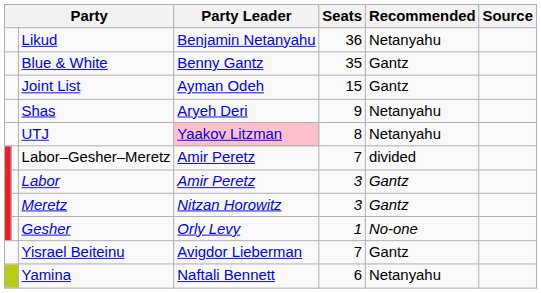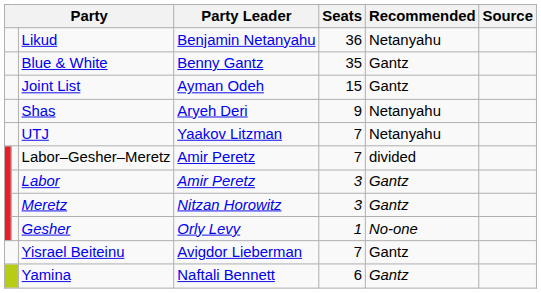 <table class="wikitable sortable">
 <tr>
 <th colspan="3" class="unsortable">Party</th>
 <th class="unsortable">Party Leader</th>
 <th class="unsortable">Seats</th>
 <th>Recommended</th>
 <th>Source</th>
 </tr>
 <tr>
 <td colspan=2 style="color:inherit;background:"></td>
 <td><a href='#'>Likud</a></td>
 <td><a href='#'>Benjamin Netanyahu</a></td>
 <td align=right>36</td>
 <td>Netanyahu</td>
 <td></td>
 </tr>
 <tr>
 <td colspan=2 style="color:inherit;background:"></td>
 <td><a href='#'>Blue & White</a></td>
 <td><a href='#'>Benny Gantz</a></td>
 <td align=right>35</td>
 <td>Gantz</td>
 <td></td>
 </tr>
 <tr>
 <td colspan=2 style="color:inherit;background:"></td>
 <td><a href='#'>Joint List</a></td>
 <td><a href='#'>Ayman Odeh</a></td>
 <td align=right>15</td>
 <td>Gantz</td>
 <td></td>
 </tr>
 <tr>
 <td colspan=2 style="color:inherit;background:"></td>
 <td><a href='#'>Shas</a></td>
 <td><a href='#'>Aryeh Deri</a></td>
 <td align=right>9</td>
 <td>Netanyahu</td>
 <td></td>
 </tr>
 <tr>
 <td colspan=2 style="color:inherit;background:"></td>
 <td><a href='#'>UTJ</a></td>
-<td style="background: pink;"><a href='#'>Yaakov Litzman</a></td>
-<td align=right>8</td>
+<td><a href='#'>Yaakov Litzman</a></td>
+<td align=right>7</td>
 <td>Netanyahu</td>
 <td></td>
 </tr>
 <tr>
 <td rowspan="4" style="background:#EE1C25;"></td>
 <td></td>
 <td>Labor–Gesher–Meretz</td>
 <td><a href='#'>Amir Peretz</a></td>
 <td align=right>7</td>
 <td>divided</td>
 <td></td>
 </tr>
 <tr>
 <td style="color:inherit;background:"></td>
 <td><em><a href='#'>Labor</a></em></td>
 <td><em><a href='#'>Amir Peretz</a></em></td>
 <td align=right><em>3</em></td>
 <td><em>Gantz</em></td>
 <td></td>
 </tr>
 <tr>
 <td style="color:inherit;background:"></td>
 <td><em><a href='#'>Meretz</a></em></td>
 <td><em><a href='#'>Nitzan Horowitz</a></em></td>
 <td align=right><em>3</em></td>
 <td><em>Gantz</em></td>
 <td></td>
 </tr>
 <tr>
 <td style="color:inherit;background:"></td>
 <td><em><a href='#'>Gesher</a></em></td>
 <td><em><a href='#'>Orly Levy</a></em></td>
 <td align=right><em>1</em></td>
 <td><em>No-one</em></td>
 <td></td>
 </tr>
 <tr>
 <td colspan=2 style="color:inherit;background:"></td>
 <td><a href='#'>Yisrael Beiteinu</a></td>
 <td><a href='#'>Avigdor Lieberman</a></td>
 <td align=right>7</td>
 <td>Gantz</td>
 <td></td>
 </tr>
 <tr>
 <td colspan=2 style="background:#B7CC15;"></td>
 <td><a href='#'>Yamina</a></td>
 <td><a href='#'>Naftali Bennett</a></td>
 <td align=right>6</td>
-<td>Netanyahu</td>
+<td><em>Gantz</em></td>
 <td></td>
 </tr>
 </table>
